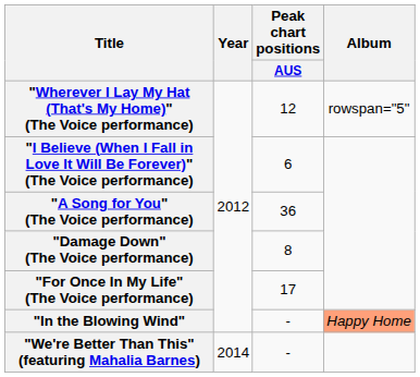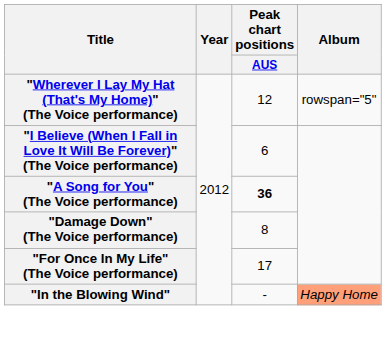 <table class="wikitable plainrowheaders" style="text-align:center;" border="1">
 <tr>
 <th scope="col" rowspan="2" style="width:14em;">Title</th>
 <th scope="col" rowspan="2">Year</th>
 <th scope="col" colspan="1">Peak chart positions</th>
 <th scope="col" rowspan="2">Album</th>
 </tr>
 <tr>
 <th scope="col" style="width:3em;font-size:90%;"><a href='#'>AUS</a><br></th>
 </tr>
 <tr>
 <th scope="row">"<a href='#'>Wherever I Lay My Hat (That's My Home)</a>"<br> (The Voice performance)</th>
 <td rowspan="6">2012</td>
 <td>12</td>
 <td>rowspan="5" </td>
 </tr>
 <tr>
 <th scope="row">"<a href='#'>I Believe (When I Fall in Love It Will Be Forever)</a>"<br> (The Voice performance)</th>
 <td>6</td>
 </tr>
 <tr>
 <th scope="row">"<a href='#'>A Song for You</a>"<br> (The Voice performance)</th>
-<td>36</td>
+<td><strong>36</strong></td>
 </tr>
 <tr>
 <th scope="row">"Damage Down"<br> (The Voice performance)</th>
 <td>8</td>
 </tr>
 <tr>
 <th scope="row">"For Once In My Life"<br> (The Voice performance)</th>
 <td>17</td>
 </tr>
 <tr>
 <th scope="row">"In the Blowing Wind"</th>
 <td>-</td>
 <td style="background: lightsalmon;"><em>Happy Home</em></td>
 </tr>
-<tr>
-<th scope="row">"We're Better Than This" <br> (featuring <a href='#'>Mahalia Barnes</a>)</th>
-<td rowspan="1">2014</td>
-<td>-</td>
-<td></td>
-</tr>
 </table>
